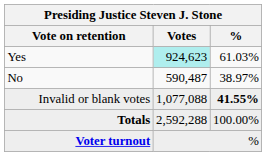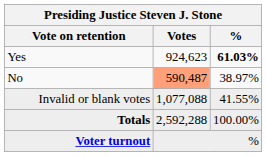 <table class="wikitable" style="font-size: 95%;">
 <tr style="background-color:#E9E9E9">
 <th colspan=7>Presiding Justice Steven J. Stone</th>
 </tr>
 <tr style="background-color:#E9E9E9">
 <th style="width: 170px">Vote on retention</th>
 <th style="width: 50px">Votes</th>
 <th style="width: 40px">%</th>
 </tr>
 <tr>
 <td>Yes</td>
-<td align="right" style="background: paleturquoise;">924,623</td>
-<td align="right">61.03%</td>
+<td align="right">924,623</td>
+<td align="right"><strong>61.03%</strong></td>
 </tr>
 <tr>
 <td>No</td>
-<td align="right">590,487</td>
+<td align="right" style="background: lightsalmon;">590,487</td>
 <td align="right">38.97%</td>
 </tr>
 <tr style="background-color:#EEEEEE">
 <td align="right">Invalid or blank votes</td>
 <td align="right">1,077,088</td>
-<td align="right"><strong>41.55%</strong></td>
+<td align="right">41.55%</td>
 </tr>
 <tr style="background-color:#EEEEEE">
 <td colspan="1" align="right"><strong>Totals</strong></td>
 <td align="right">2,592,288</td>
 <td align="right">100.00%</td>
 </tr>
 <tr style="background-color:#EEEEEE">
 <td align="right"><strong><a href='#'>Voter turnout</a></strong></td>
 <td colspan="2" align="right">%</td>
 </tr>
 </table>
